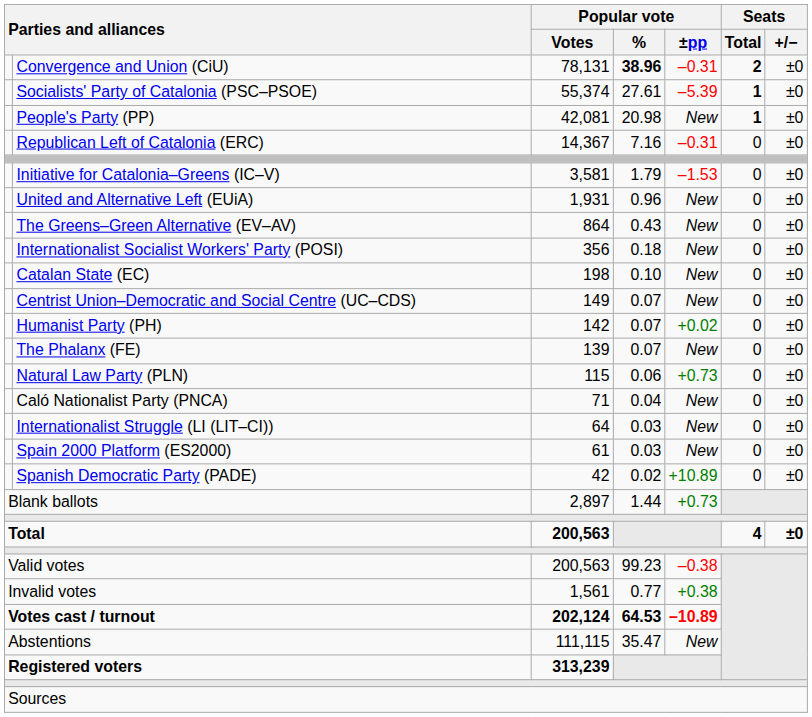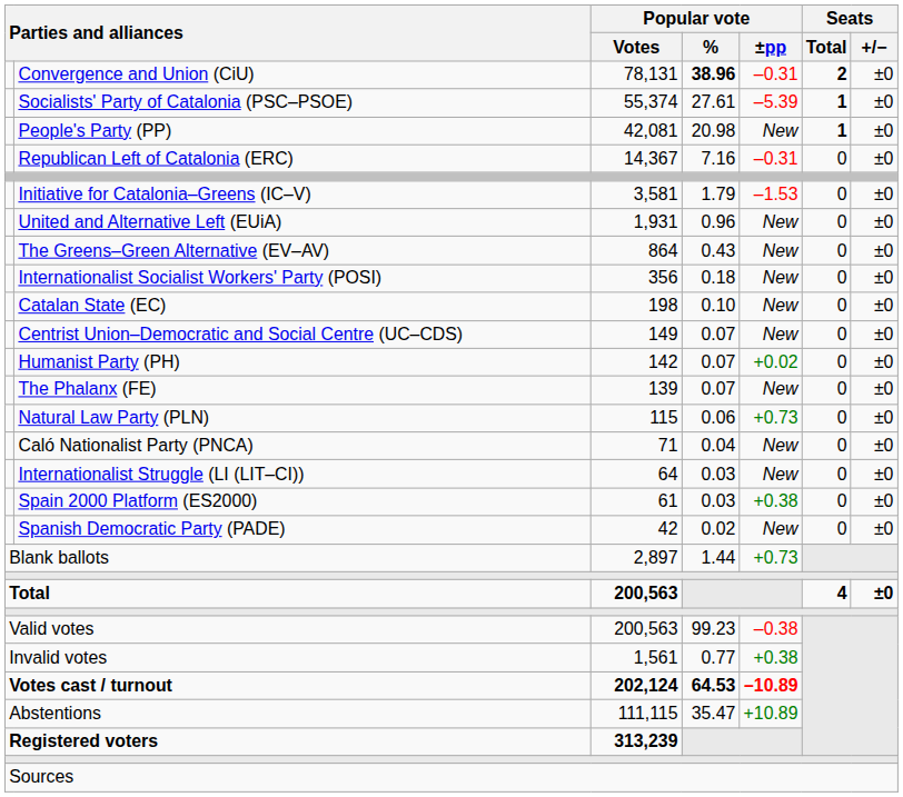 <table class="wikitable" style="text-align:right;">
 <tr>
 <th style="text-align:left;" rowspan="2" colspan="2" width="525">Parties and alliances</th>
 <th colspan="3">Popular vote</th>
 <th colspan="2">Seats</th>
 </tr>
 <tr>
 <th width="75">Votes</th>
 <th width="45">%</th>
 <th width="45">±<a href='#'>pp</a></th>
 <th width="35">Total</th>
 <th width="35">+/−</th>
 </tr>
 <tr>
 <td width="1" style="color:inherit;background:"></td>
 <td align="left"><a href='#'>Convergence and Union</a> (CiU)</td>
 <td>78,131</td>
 <td><strong>38.96</strong></td>
 <td style="color:red;">–0.31</td>
 <td><strong>2</strong></td>
 <td>±0</td>
 </tr>
 <tr>
 <td style="color:inherit;background:"></td>
 <td align="left"><a href='#'>Socialists' Party of Catalonia</a> (PSC–PSOE)</td>
 <td>55,374</td>
 <td>27.61</td>
 <td style="color:red;">–5.39</td>
 <td><strong>1</strong></td>
 <td>±0</td>
 </tr>
 <tr>
 <td style="color:inherit;background:"></td>
 <td align="left"><a href='#'>People's Party</a> (PP)</td>
 <td>42,081</td>
 <td>20.98</td>
 <td><em>New</em></td>
 <td><strong>1</strong></td>
 <td>±0</td>
 </tr>
 <tr>
 <td style="color:inherit;background:"></td>
 <td align="left"><a href='#'>Republican Left of Catalonia</a> (ERC)</td>
 <td>14,367</td>
 <td>7.16</td>
 <td style="color:red;">–0.31</td>
 <td>0</td>
 <td>±0</td>
 </tr>
 <tr>
 <td colspan="7" bgcolor="#C0C0C0"></td>
 </tr>
 <tr>
 <td style="color:inherit;background:"></td>
 <td align="left"><a href='#'>Initiative for Catalonia–Greens</a> (IC–V)</td>
 <td>3,581</td>
 <td>1.79</td>
 <td style="color:red;">–1.53</td>
 <td>0</td>
 <td>±0</td>
 </tr>
 <tr>
 <td style="color:inherit;background:"></td>
 <td align="left"><a href='#'>United and Alternative Left</a> (EUiA)</td>
 <td>1,931</td>
 <td>0.96</td>
 <td><em>New</em></td>
 <td>0</td>
 <td>±0</td>
 </tr>
 <tr>
 <td style="color:inherit;background:"></td>
 <td align="left"><a href='#'>The Greens–Green Alternative</a> (EV–AV)</td>
 <td>864</td>
 <td>0.43</td>
 <td><em>New</em></td>
 <td>0</td>
 <td>±0</td>
 </tr>
 <tr>
 <td style="color:inherit;background:"></td>
 <td align="left"><a href='#'>Internationalist Socialist Workers' Party</a> (POSI)</td>
 <td>356</td>
 <td>0.18</td>
 <td><em>New</em></td>
 <td>0</td>
 <td>±0</td>
 </tr>
 <tr>
 <td style="color:inherit;background:"></td>
 <td align="left"><a href='#'>Catalan State</a> (EC)</td>
 <td>198</td>
 <td>0.10</td>
 <td><em>New</em></td>
 <td>0</td>
 <td>±0</td>
 </tr>
 <tr>
 <td style="color:inherit;background:"></td>
 <td align="left"><a href='#'>Centrist Union–Democratic and Social Centre</a> (UC–CDS)</td>
 <td>149</td>
 <td>0.07</td>
 <td><em>New</em></td>
 <td>0</td>
 <td>±0</td>
 </tr>
 <tr>
 <td style="color:inherit;background:"></td>
 <td align="left"><a href='#'>Humanist Party</a> (PH)</td>
 <td>142</td>
 <td>0.07</td>
 <td style="color:green;">+0.02</td>
 <td>0</td>
 <td>±0</td>
 </tr>
 <tr>
 <td style="color:inherit;background:"></td>
 <td align="left"><a href='#'>The Phalanx</a> (FE)</td>
 <td>139</td>
 <td>0.07</td>
 <td><em>New</em></td>
 <td>0</td>
 <td>±0</td>
 </tr>
 <tr>
 <td style="color:inherit;background:"></td>
 <td align="left"><a href='#'>Natural Law Party</a> (PLN)</td>
 <td>115</td>
 <td>0.06</td>
 <td style="color:green;">+0.73</td>
 <td>0</td>
 <td>±0</td>
 </tr>
 <tr>
 <td style="color:inherit;background:"></td>
 <td align="left">Caló Nationalist Party (PNCA)</td>
 <td>71</td>
 <td>0.04</td>
 <td><em>New</em></td>
 <td>0</td>
 <td>±0</td>
 </tr>
 <tr>
 <td style="color:inherit;background:"></td>
 <td align="left"><a href='#'>Internationalist Struggle</a> (LI (LIT–CI))</td>
 <td>64</td>
 <td>0.03</td>
 <td><em>New</em></td>
 <td>0</td>
 <td>±0</td>
 </tr>
 <tr>
 <td style="color:inherit;background:"></td>
 <td align="left"><a href='#'>Spain 2000 Platform</a> (ES2000)</td>
 <td>61</td>
 <td>0.03</td>
-<td><em>New</em></td>
+<td style="color:green;">+0.38</td>
 <td>0</td>
 <td>±0</td>
 </tr>
 <tr>
 <td style="color:inherit;background:"></td>
 <td align="left"><a href='#'>Spanish Democratic Party</a> (PADE)</td>
 <td>42</td>
 <td>0.02</td>
-<td style="color:green;">+10.89</td>
+<td><em>New</em></td>
 <td>0</td>
 <td>±0</td>
 </tr>
 <tr>
 <td align="left" colspan="2">Blank ballots</td>
 <td>2,897</td>
 <td>1.44</td>
 <td style="color:green;">+0.73</td>
 <td bgcolor="#E9E9E9" colspan="2"></td>
 </tr>
 <tr>
 <td colspan="7" bgcolor="#E9E9E9"></td>
 </tr>
 <tr style="font-weight:bold;">
 <td align="left" colspan="2">Total</td>
 <td>200,563</td>
 <td bgcolor="#E9E9E9" colspan="2"></td>
 <td>4</td>
 <td>±0</td>
 </tr>
 <tr>
 <td colspan="7" bgcolor="#E9E9E9"></td>
 </tr>
 <tr>
 <td align="left" colspan="2">Valid votes</td>
 <td>200,563</td>
 <td>99.23</td>
 <td style="color:red;">–0.38</td>
 <td bgcolor="#E9E9E9" colspan="2" rowspan="5"></td>
 </tr>
 <tr>
 <td align="left" colspan="2">Invalid votes</td>
 <td>1,561</td>
 <td>0.77</td>
 <td style="color:green;">+0.38</td>
 </tr>
 <tr style="font-weight:bold;">
 <td align="left" colspan="2">Votes cast / turnout</td>
 <td>202,124</td>
 <td>64.53</td>
 <td style="color:red;">–10.89</td>
 </tr>
 <tr>
 <td align="left" colspan="2">Abstentions</td>
 <td>111,115</td>
 <td>35.47</td>
-<td><em>New</em></td>
+<td style="color:green;">+10.89</td>
 </tr>
 <tr style="font-weight:bold;">
 <td align="left" colspan="2">Registered voters</td>
 <td>313,239</td>
 <td bgcolor="#E9E9E9" colspan="2"></td>
 </tr>
 <tr>
 <td colspan="7" bgcolor="#E9E9E9"></td>
 </tr>
 <tr>
 <td align="left" colspan="7">Sources</td>
 </tr>
 </table>
